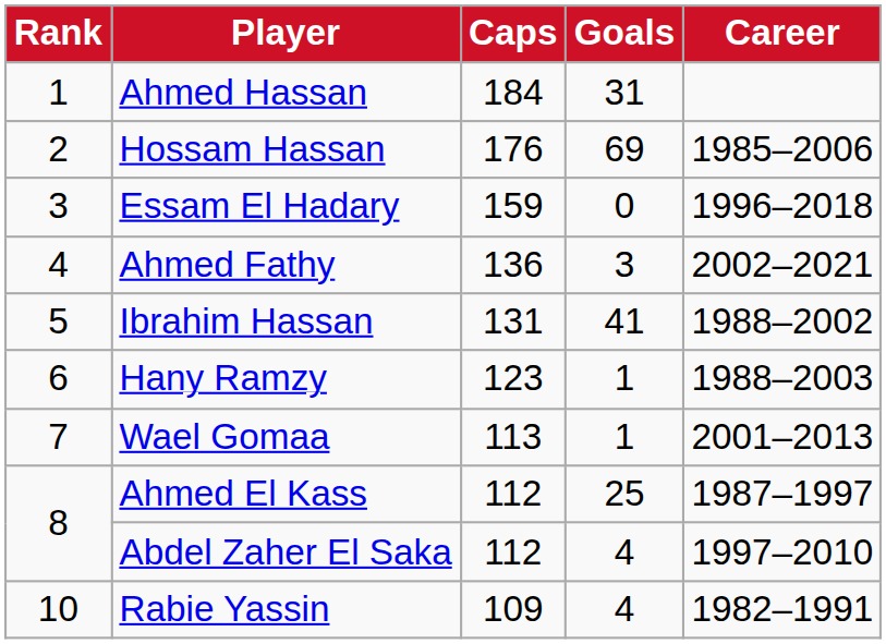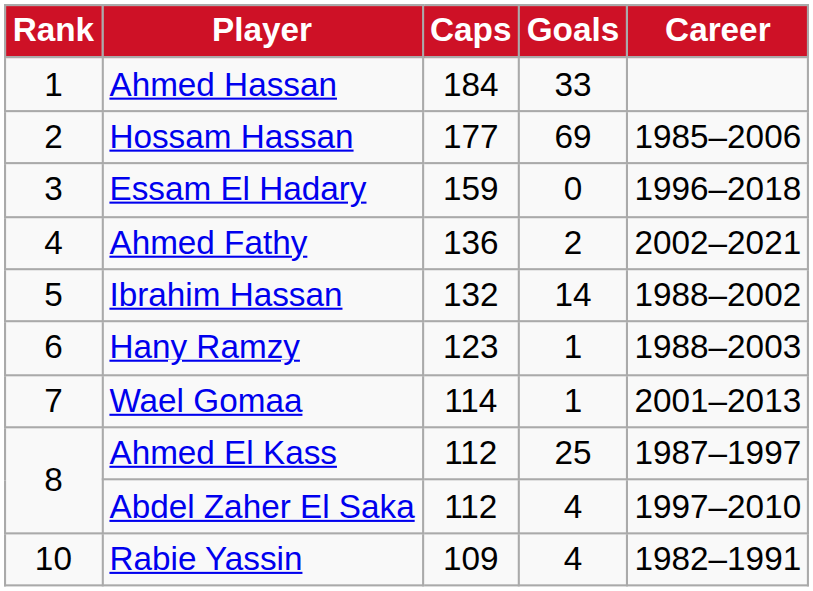 <table class="wikitable sortable" style="text-align:center">
 <tr>
 <th style="background:#CE1126; color:#FFFFFF; ">Rank</th>
 <th style="background:#CE1126; color:#FFFFFF; ">Player</th>
 <th style="background:#CE1126; color:#FFFFFF; ">Caps</th>
 <th style="background:#CE1126; color:#FFFFFF; ">Goals</th>
 <th style="background:#CE1126; color:#FFFFFF; ">Career</th>
 </tr>
 <tr>
 <td>1</td>
 <td align=left><a href='#'>Ahmed Hassan</a></td>
 <td>184</td>
-<td>31</td>
+<td>33</td>
 <td></td>
 </tr>
 <tr>
 <td>2</td>
 <td align=left><a href='#'>Hossam Hassan</a></td>
-<td>176</td>
+<td>177</td>
 <td>69</td>
 <td>1985–2006</td>
 </tr>
 <tr>
 <td>3</td>
 <td align=left><a href='#'>Essam El Hadary</a></td>
 <td>159</td>
 <td>0</td>
 <td>1996–2018</td>
 </tr>
 <tr>
 <td>4</td>
 <td align=left><a href='#'>Ahmed Fathy</a></td>
 <td>136</td>
-<td>3</td>
+<td>2</td>
 <td>2002–2021</td>
 </tr>
 <tr>
 <td>5</td>
 <td align=left><a href='#'>Ibrahim Hassan</a></td>
-<td>131</td>
-<td>41</td>
+<td>132</td>
+<td>14</td>
 <td>1988–2002</td>
 </tr>
 <tr>
 <td>6</td>
 <td align=left><a href='#'>Hany Ramzy</a></td>
 <td>123</td>
 <td>1</td>
 <td>1988–2003</td>
 </tr>
 <tr>
 <td>7</td>
 <td align=left><a href='#'>Wael Gomaa</a></td>
-<td>113</td>
+<td>114</td>
 <td>1</td>
 <td>2001–2013</td>
 </tr>
 <tr>
 <td rowspan=2>8</td>
 <td align=left><a href='#'>Ahmed El Kass</a></td>
 <td>112</td>
 <td>25</td>
 <td>1987–1997</td>
 </tr>
 <tr>
 <td align=left><a href='#'>Abdel Zaher El Saka</a></td>
 <td>112</td>
 <td>4</td>
 <td>1997–2010</td>
 </tr>
 <tr>
 <td>10</td>
 <td align=left><a href='#'>Rabie Yassin</a></td>
 <td>109</td>
 <td>4</td>
 <td>1982–1991</td>
 </tr>
 </table>
